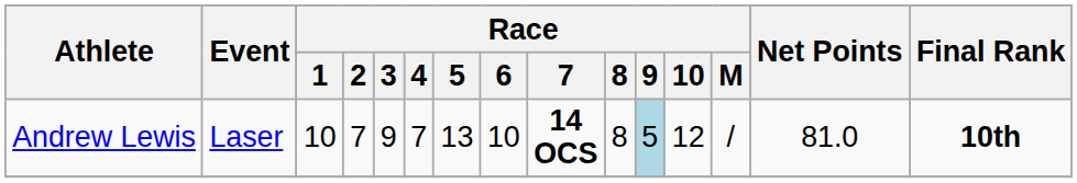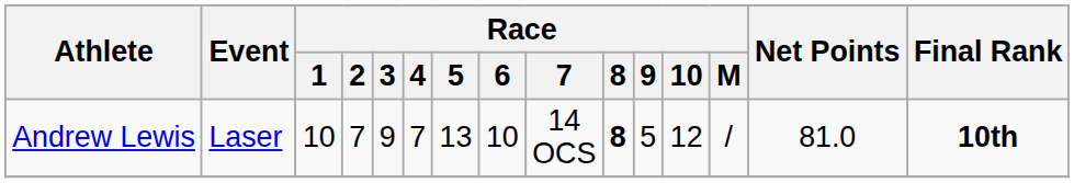 <table class="wikitable" border="1" style="font-size:90%">
 <tr>
 <th rowspan=2>Athlete</th>
 <th rowspan=2>Event</th>
 <th colspan=11>Race</th>
 <th rowspan=2>Net Points</th>
 <th rowspan=2>Final Rank</th>
 </tr>
 <tr>
 <th>1</th>
 <th>2</th>
 <th>3</th>
 <th>4</th>
 <th>5</th>
 <th>6</th>
 <th>7</th>
 <th>8</th>
 <th>9</th>
 <th>10</th>
 <th>M</th>
 </tr>
 <tr align=center>
 <td align=left><a href='#'>Andrew Lewis</a></td>
 <td align=left><a href='#'>Laser</a></td>
 <td>10</td>
 <td>7</td>
 <td>9</td>
 <td>7</td>
 <td>13</td>
 <td>10</td>
-<td><strong>14<br>OCS</strong></td>
-<td>8</td>
-<td style="background: lightblue;">5</td>
+<td>14<br>OCS</td>
+<td><strong>8</strong></td>
+<td>5</td>
 <td>12</td>
 <td>/</td>
 <td>81.0</td>
 <td><strong>10th</strong></td>
 </tr>
 <tr>
 </tr>
 </table>
